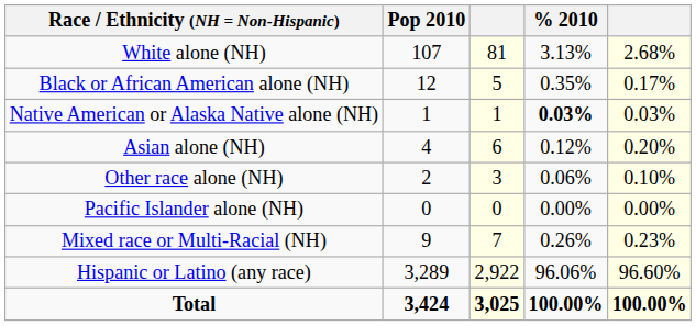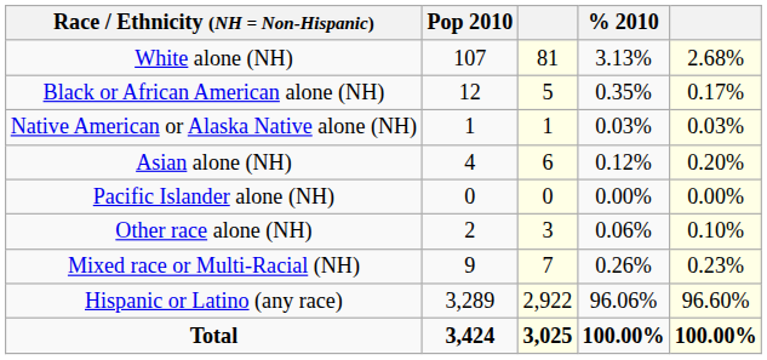 <table class="wikitable" style="text-align:center;">
 <tr>
 <th>Race / Ethnicity <small>(<em>NH = Non-Hispanic</em>)</small></th>
 <th>Pop 2010</th>
 <th></th>
 <th>% 2010</th>
 <th></th>
 </tr>
 <tr>
 <td><a href='#'>White</a> alone (NH)</td>
 <td>107</td>
 <td style='background: #ffffe6;'>81</td>
 <td>3.13%</td>
 <td style='background: #ffffe6;'>2.68%</td>
 </tr>
 <tr>
 <td><a href='#'>Black or African American</a> alone (NH)</td>
 <td>12</td>
 <td style='background: #ffffe6;'>5</td>
 <td>0.35%</td>
 <td style='background: #ffffe6;'>0.17%</td>
 </tr>
 <tr>
 <td><a href='#'>Native American</a> or <a href='#'>Alaska Native</a> alone (NH)</td>
 <td>1</td>
 <td style='background: #ffffe6;'>1</td>
-<td><strong>0.03%</strong></td>
+<td>0.03%</td>
 <td style='background: #ffffe6;'>0.03%</td>
 </tr>
 <tr>
 <td><a href='#'>Asian</a> alone (NH)</td>
 <td>4</td>
 <td style='background: #ffffe6;'>6</td>
 <td>0.12%</td>
 <td style='background: #ffffe6;'>0.20%</td>
 </tr>
 <tr>
+<td><a href='#'>Pacific Islander</a> alone (NH)</td>
+<td>0</td>
+<td style='background: #ffffe6;'>0</td>
+<td>0.00%</td>
+<td style='background: #ffffe6;'>0.00%</td>
+</tr>
+<tr>
 <td><a href='#'>Other race</a> alone (NH)</td>
 <td>2</td>
 <td style='background: #ffffe6;'>3</td>
 <td>0.06%</td>
 <td style='background: #ffffe6;'>0.10%</td>
-</tr>
-<tr>
-<td><a href='#'>Pacific Islander</a> alone (NH)</td>
-<td>0</td>
-<td style='background: #ffffe6;'>0</td>
-<td>0.00%</td>
-<td style='background: #ffffe6;'>0.00%</td>
 </tr>
 <tr>
 <td><a href='#'>Mixed race or Multi-Racial</a> (NH)</td>
 <td>9</td>
 <td style='background: #ffffe6;'>7</td>
 <td>0.26%</td>
 <td style='background: #ffffe6;'>0.23%</td>
 </tr>
 <tr>
 <td><a href='#'>Hispanic or Latino</a> (any race)</td>
 <td>3,289</td>
 <td style='background: #ffffe6;'>2,922</td>
 <td>96.06%</td>
 <td style='background: #ffffe6;'>96.60%</td>
 </tr>
 <tr>
 <td><strong>Total</strong></td>
 <td><strong>3,424</strong></td>
 <td style='background: #ffffe6;'><strong>3,025</strong></td>
 <td><strong>100.00%</strong></td>
 <td style='background: #ffffe6;'><strong>100.00%</strong></td>
 </tr>
 </table>
